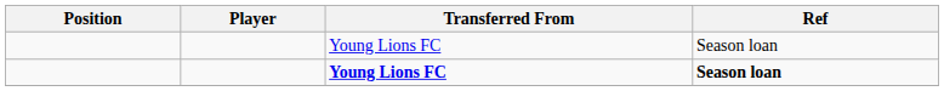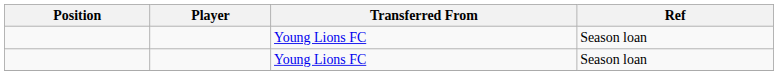 <table class="wikitable sortable" style="width:70%; text-align:center; font-size:100%; text-align:left;">
 <tr>
 <th>Position</th>
 <th>Player</th>
 <th>Transferred From</th>
 <th>Ref</th>
 </tr>
 <tr>
 <td></td>
 <td></td>
 <td> <a href='#'>Young Lions FC</a></td>
 <td>Season loan</td>
 </tr>
 <tr>
 <td></td>
 <td></td>
-<td><strong> <a href='#'>Young Lions FC</a></strong></td>
-<td><strong>Season loan</strong></td>
+<td> <a href='#'>Young Lions FC</a></td>
+<td>Season loan</td>
 </tr>
 <tr>
 </tr>
 </table>
